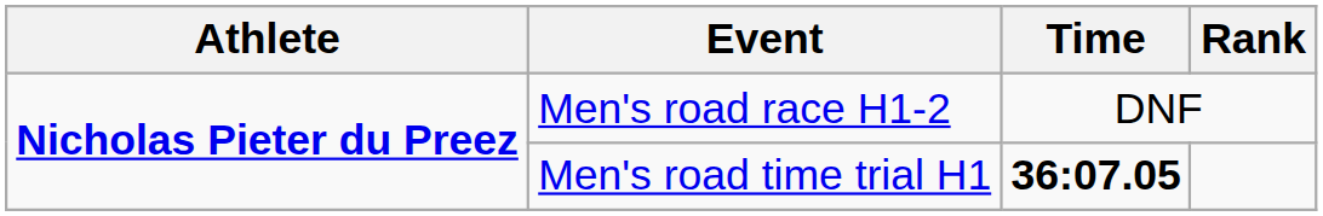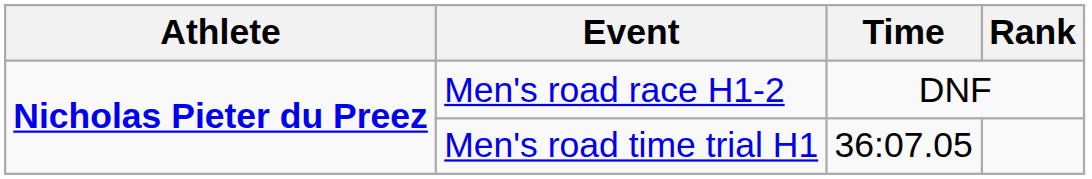 <table class=wikitable>
 <tr>
 <th>Athlete</th>
 <th>Event</th>
 <th>Time</th>
 <th>Rank</th>
 </tr>
 <tr align=center>
 <td align=left rowspan=2><strong><a href='#'>Nicholas Pieter du Preez</a></strong></td>
 <td align=left><a href='#'>Men's road race H1-2</a></td>
 <td colspan=2>DNF</td>
 </tr>
 <tr align=center>
 <td align=left><a href='#'>Men's road time trial H1</a></td>
-<td><strong>36:07.05</strong></td>
+<td>36:07.05</td>
 <td></td>
 </tr>
 </table>
